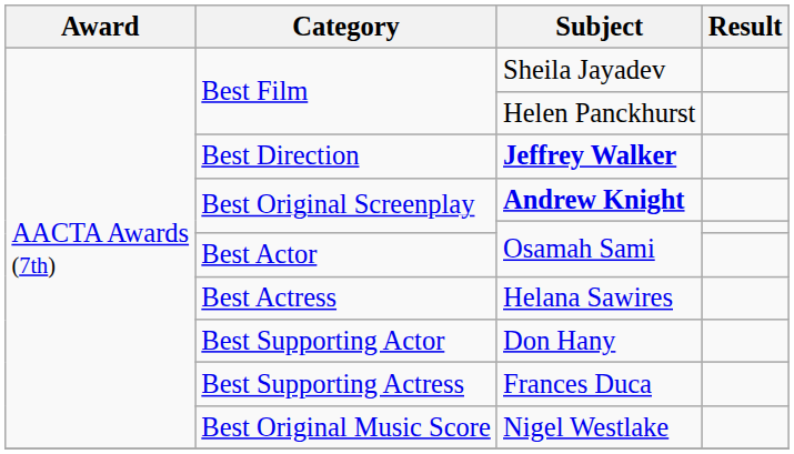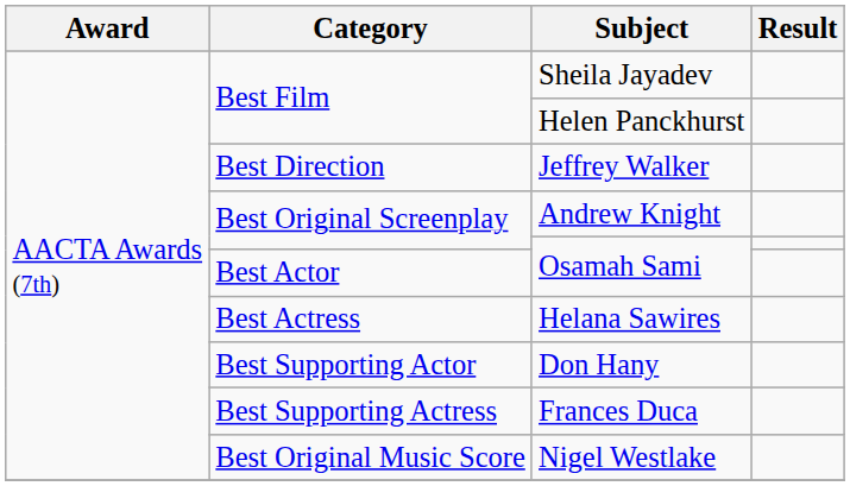 <table class="wikitable">
 <tr>
 <th>Award</th>
 <th>Category</th>
 <th>Subject</th>
 <th>Result</th>
 </tr>
 <tr>
 <td rowspan=10><a href='#'>AACTA Awards</a><br><small>(<a href='#'>7th</a>)</small></td>
 <td rowspan=2><a href='#'>Best Film</a></td>
 <td>Sheila Jayadev</td>
 <td></td>
 </tr>
 <tr>
 <td>Helen Panckhurst</td>
 <td></td>
 </tr>
 <tr>
 <td><a href='#'>Best Direction</a></td>
-<td><strong><a href='#'>Jeffrey Walker</a></strong></td>
+<td><a href='#'>Jeffrey Walker</a></td>
 <td></td>
 </tr>
 <tr>
 <td rowspan=2><a href='#'>Best Original Screenplay</a></td>
-<td><strong><a href='#'>Andrew Knight</a></strong></td>
+<td><a href='#'>Andrew Knight</a></td>
 <td></td>
 </tr>
 <tr>
 <td rowspan=2><a href='#'>Osamah Sami</a></td>
 <td></td>
 </tr>
 <tr>
 <td><a href='#'>Best Actor</a></td>
 <td></td>
 </tr>
 <tr>
 <td><a href='#'>Best Actress</a></td>
 <td><a href='#'>Helana Sawires</a></td>
 <td></td>
 </tr>
 <tr>
 <td><a href='#'>Best Supporting Actor</a></td>
 <td><a href='#'>Don Hany</a></td>
 <td></td>
 </tr>
 <tr>
 <td><a href='#'>Best Supporting Actress</a></td>
 <td><a href='#'>Frances Duca</a></td>
 <td></td>
 </tr>
 <tr>
 <td><a href='#'>Best Original Music Score</a></td>
 <td><a href='#'>Nigel Westlake</a></td>
 <td></td>
 </tr>
 <tr>
 </tr>
 </table>
